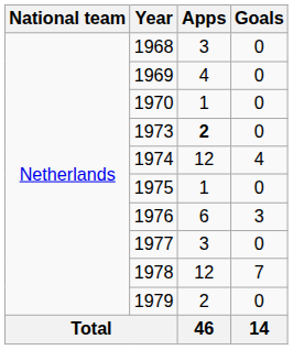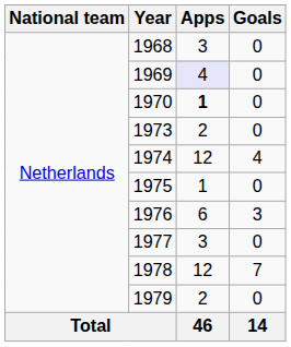 <table class="wikitable" style="text-align:center">
 <tr>
 <th>National team</th>
 <th>Year</th>
 <th>Apps</th>
 <th>Goals</th>
 </tr>
 <tr>
 <td rowspan="10"><a href='#'>Netherlands</a></td>
 <td>1968</td>
 <td>3</td>
 <td>0</td>
 </tr>
 <tr>
 <td>1969</td>
-<td>4</td>
+<td style="background: lavender;">4</td>
 <td>0</td>
 </tr>
 <tr>
 <td>1970</td>
-<td>1</td>
+<td><strong>1</strong></td>
 <td>0</td>
 </tr>
 <tr>
 <td>1973</td>
-<td><strong>2</strong></td>
+<td>2</td>
 <td>0</td>
 </tr>
 <tr>
 <td>1974</td>
 <td>12</td>
 <td>4</td>
 </tr>
 <tr>
 <td>1975</td>
 <td>1</td>
 <td>0</td>
 </tr>
 <tr>
 <td>1976</td>
 <td>6</td>
 <td>3</td>
 </tr>
 <tr>
 <td>1977</td>
 <td>3</td>
 <td>0</td>
 </tr>
 <tr>
 <td>1978</td>
 <td>12</td>
 <td>7</td>
 </tr>
 <tr>
 <td>1979</td>
 <td>2</td>
 <td>0</td>
 </tr>
 <tr>
 <th colspan="2">Total</th>
 <th>46</th>
 <th>14</th>
 </tr>
 </table>
